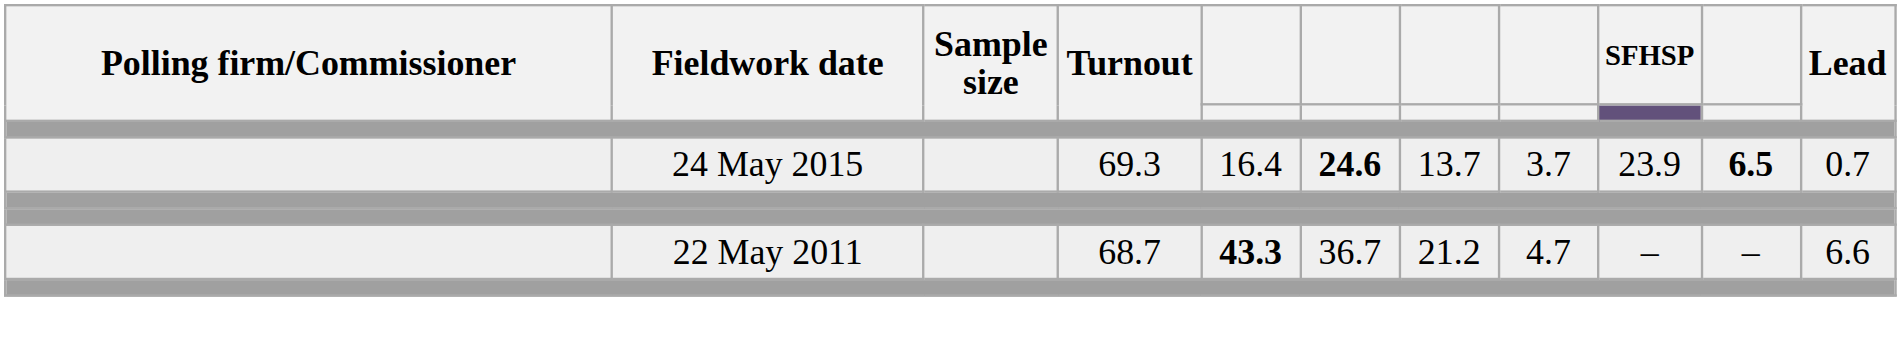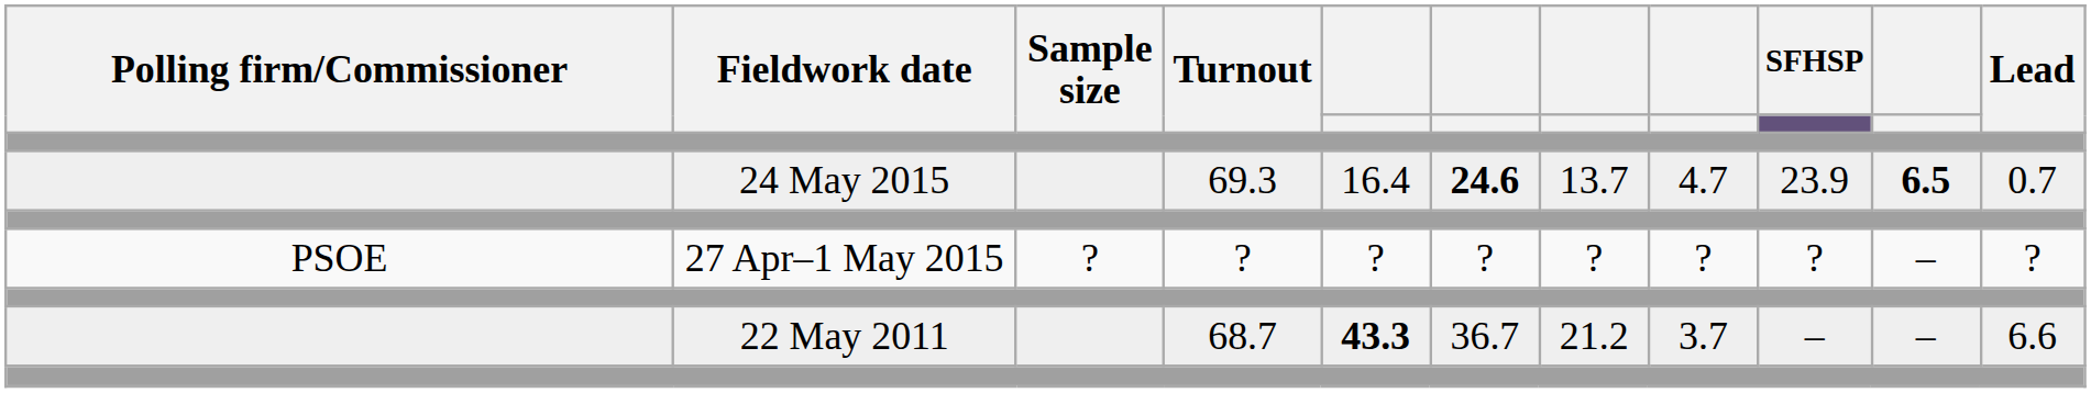 <table class="wikitable collapsible collapsed" style="text-align:center; font-size:95%; line-height:16px;">
 <tr style="height:42px;">
 <th style="width:250px;" rowspan="2">Polling firm/Commissioner</th>
 <th style="width:125px;" rowspan="2">Fieldwork date</th>
 <th style="width:50px;" rowspan="2">Sample size</th>
 <th style="width:45px;" rowspan="2">Turnout</th>
 <th style="width:35px;"></th>
 <th style="width:35px;"></th>
 <th style="width:35px;"></th>
 <th style="width:35px;"></th>
 <th style="width:35px; font-size:80%;">SFHSP</th>
 <th style="width:35px;"></th>
 <th style="width:30px;" rowspan="2">Lead</th>
 </tr>
 <tr>
 <th style="color:inherit;background:"></th>
 <th style="color:inherit;background:"></th>
 <th style="color:inherit;background:"></th>
 <th style="color:inherit;background:"></th>
 <th style="color:inherit;background:#62517B;"></th>
 <th style="color:inherit;background:"></th>
 </tr>
 <tr>
 <td colspan="11" style="background:#A0A0A0"></td>
 </tr>
 <tr style="background:#EFEFEF;">
 <td><strong></strong></td>
 <td>24 May 2015</td>
 <td></td>
 <td>69.3</td>
 <td>16.4<br></td>
 <td><strong>24.6</strong><br></td>
 <td>13.7<br></td>
-<td>3.7<br></td>
+<td>4.7<br></td>
 <td>23.9<br></td>
 <td><strong>6.5<br></strong></td>
 <td style="background:">0.7</td>
 </tr>
 <tr>
 <td colspan="11" style="background:#A0A0A0"></td>
+</tr>
+<tr>
+<td>PSOE</td>
+<td>27 Apr–1 May 2015</td>
+<td>?</td>
+<td>?</td>
+<td>?<br></td>
+<td>?<br></td>
+<td>?<br></td>
+<td>?<br></td>
+<td>?<br></td>
+<td>–</td>
+<td style="background:">?</td>
 </tr>
 <tr>
 <td colspan="11" style="background:#A0A0A0"></td>
 </tr>
 <tr style="background:#EFEFEF;">
 <td><strong></strong></td>
 <td>22 May 2011</td>
 <td></td>
 <td>68.7</td>
 <td><strong>43.3</strong><br></td>
 <td>36.7<br></td>
 <td>21.2<br></td>
-<td>4.7<br></td>
+<td>3.7<br></td>
 <td>–</td>
 <td>–</td>
 <td style="background:">6.6</td>
 </tr>
 <tr>
 <td colspan="11" style="background:#A0A0A0"></td>
 </tr>
 </table>
